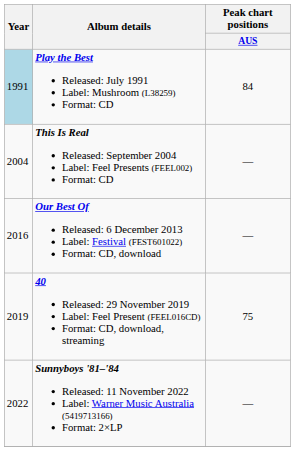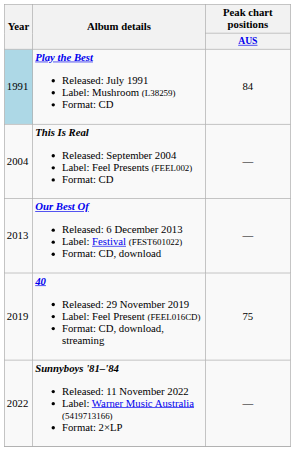 <table class="wikitable" border="1">
 <tr>
 <th rowspan="2" width="35px">Year</th>
 <th rowspan="2" width="250px">Album details</th>
 <th colspan="1" width="120px">Peak chart positions</th>
 </tr>
 <tr>
 <th scope="col" style="width:3em; font-size:90%"><a href='#'>AUS</a><br></th>
 </tr>
 <tr>
 <td style="background: lightblue;">1991</td>
 <td><strong><em><a href='#'>Play the Best</a></em></strong><br><ul><li>Released: July 1991</li><li>Label: Mushroom <small>(L38259)</small></li><li>Format: CD</li></ul></td>
 <td style="text-align:center;">84</td>
 </tr>
 <tr>
 <td>2004</td>
 <td><strong><em>This Is Real</em></strong><br><ul><li>Released: September 2004</li><li>Label: Feel Presents <small>(FEEL002)</small></li><li>Format: CD</li></ul></td>
 <td style="text-align:center;">—</td>
 </tr>
 <tr>
-<td>2016</td>
+<td>2013</td>
 <td><strong><em><a href='#'>Our Best Of</a></em></strong><br><ul><li>Released: 6 December 2013</li><li>Label: <a href='#'>Festival</a> <small>(FEST601022)</small></li><li>Format: CD, download</li></ul></td>
 <td style="text-align:center;">—</td>
 </tr>
 <tr>
 <td>2019</td>
 <td><strong><em><a href='#'>40</a></em></strong><br><ul><li>Released: 29 November 2019</li><li>Label: Feel Present <small>(FEEL016CD)</small></li><li>Format: CD, download, streaming</li></ul></td>
 <td style="text-align:center;">75</td>
 </tr>
 <tr>
 <td>2022</td>
 <td><strong><em>Sunnyboys '81–'84</em></strong><br><ul><li>Released: 11 November 2022</li><li>Label: <a href='#'>Warner Music Australia</a> <small>(5419713166)</small></li><li>Format: 2×LP</li></ul></td>
 <td style="text-align:center;">—</td>
 </tr>
 <tr>
 </tr>
 </table>
